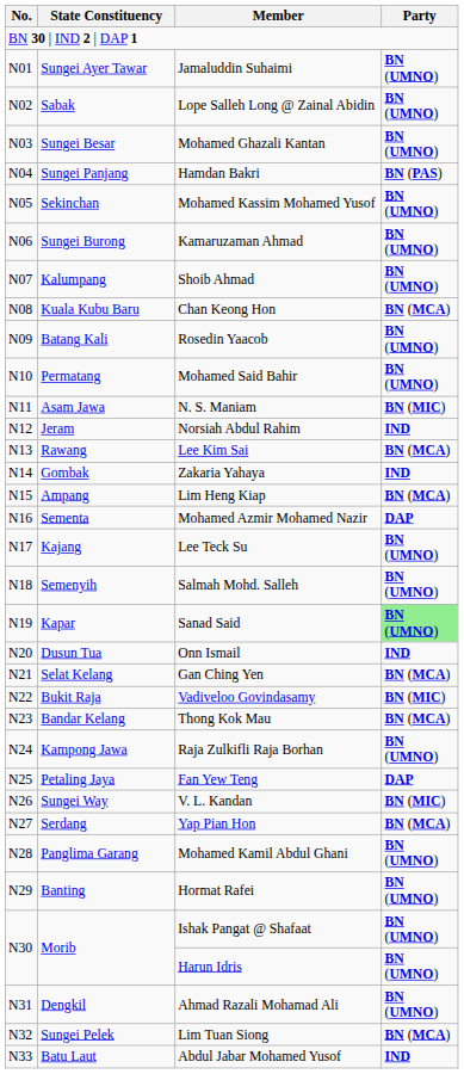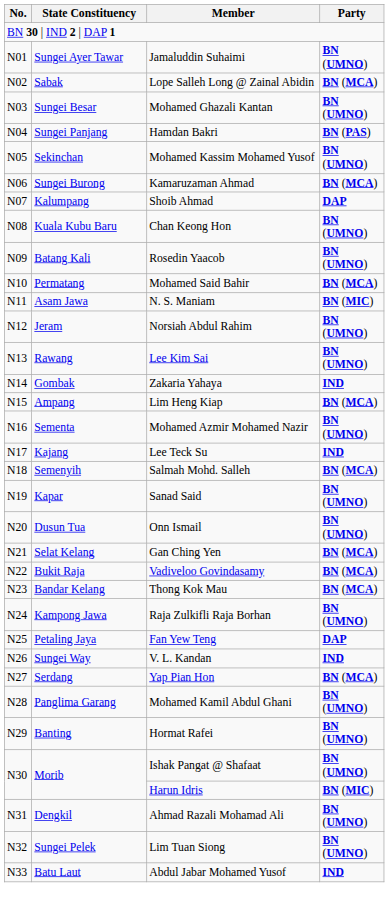 <table class="wikitable sortable">
 <tr>
 <th style="width:30px;">No.</th>
 <th style="width:150px;">State Constituency</th>
 <th style="width:230px;">Member</th>
 <th style="width:80px;">Party</th>
 </tr>
 <tr>
 <td colspan="4"><a href='#'>BN</a> <strong>30</strong> | <a href='#'>IND</a> <strong>2</strong> | <a href='#'>DAP</a> <strong>1</strong></td>
 </tr>
 <tr>
 <td>N01</td>
 <td><a href='#'>Sungei Ayer Tawar</a></td>
 <td>Jamaluddin Suhaimi</td>
 <td><strong><a href='#'>BN</a></strong> (<strong><a href='#'>UMNO</a></strong>)</td>
 </tr>
 <tr>
 <td>N02</td>
 <td><a href='#'>Sabak</a></td>
 <td>Lope Salleh Long @ Zainal Abidin</td>
-<td><strong><a href='#'>BN</a></strong> (<strong><a href='#'>UMNO</a></strong>)</td>
+<td><strong><a href='#'>BN</a></strong> (<strong><a href='#'>MCA</a></strong>)</td>
 </tr>
 <tr>
 <td>N03</td>
 <td><a href='#'>Sungei Besar</a></td>
 <td>Mohamed Ghazali Kantan</td>
 <td><strong><a href='#'>BN</a></strong> (<strong><a href='#'>UMNO</a></strong>)</td>
 </tr>
 <tr>
 <td>N04</td>
 <td><a href='#'>Sungei Panjang</a></td>
 <td>Hamdan Bakri</td>
 <td><strong><a href='#'>BN</a></strong> (<strong><a href='#'>PAS</a></strong>)</td>
 </tr>
 <tr>
 <td>N05</td>
 <td><a href='#'>Sekinchan</a></td>
 <td>Mohamed Kassim Mohamed Yusof</td>
 <td><strong><a href='#'>BN</a></strong> (<strong><a href='#'>UMNO</a></strong>)</td>
 </tr>
 <tr>
 <td>N06</td>
 <td><a href='#'>Sungei Burong</a></td>
 <td>Kamaruzaman Ahmad</td>
-<td><strong><a href='#'>BN</a></strong> (<strong><a href='#'>UMNO</a></strong>)</td>
+<td><strong><a href='#'>BN</a></strong> (<strong><a href='#'>MCA</a></strong>)</td>
 </tr>
 <tr>
 <td>N07</td>
 <td><a href='#'>Kalumpang</a></td>
 <td>Shoib Ahmad</td>
-<td><strong><a href='#'>BN</a></strong> (<strong><a href='#'>UMNO</a></strong>)</td>
+<td><strong><a href='#'>DAP</a></strong></td>
 </tr>
 <tr>
 <td>N08</td>
 <td><a href='#'>Kuala Kubu Baru</a></td>
 <td>Chan Keong Hon</td>
-<td><strong><a href='#'>BN</a></strong> (<strong><a href='#'>MCA</a></strong>)</td>
+<td><strong><a href='#'>BN</a></strong> (<strong><a href='#'>UMNO</a></strong>)</td>
 </tr>
 <tr>
 <td>N09</td>
 <td><a href='#'>Batang Kali</a></td>
 <td>Rosedin Yaacob</td>
 <td><strong><a href='#'>BN</a></strong> (<strong><a href='#'>UMNO</a></strong>)</td>
 </tr>
 <tr>
 <td>N10</td>
 <td><a href='#'>Permatang</a></td>
 <td>Mohamed Said Bahir</td>
-<td><strong><a href='#'>BN</a></strong> (<strong><a href='#'>UMNO</a></strong>)</td>
+<td><strong><a href='#'>BN</a></strong> (<strong><a href='#'>MCA</a></strong>)</td>
 </tr>
 <tr>
 <td>N11</td>
 <td><a href='#'>Asam Jawa</a></td>
 <td>N. S. Maniam</td>
 <td><strong><a href='#'>BN</a></strong> (<strong><a href='#'>MIC</a></strong>)</td>
 </tr>
 <tr>
 <td>N12</td>
 <td><a href='#'>Jeram</a></td>
 <td>Norsiah Abdul Rahim</td>
-<td><strong><a href='#'>IND</a></strong></td>
+<td><strong><a href='#'>BN</a></strong> (<strong><a href='#'>UMNO</a></strong>)</td>
 </tr>
 <tr>
 <td>N13</td>
 <td><a href='#'>Rawang</a></td>
 <td><a href='#'>Lee Kim Sai</a></td>
-<td><strong><a href='#'>BN</a></strong> (<strong><a href='#'>MCA</a></strong>)</td>
+<td><strong><a href='#'>BN</a></strong> (<strong><a href='#'>UMNO</a></strong>)</td>
 </tr>
 <tr>
 <td>N14</td>
 <td><a href='#'>Gombak</a></td>
 <td>Zakaria Yahaya</td>
 <td><strong><a href='#'>IND</a></strong></td>
 </tr>
 <tr>
 <td>N15</td>
 <td><a href='#'>Ampang</a></td>
 <td>Lim Heng Kiap</td>
 <td><strong><a href='#'>BN</a></strong> (<strong><a href='#'>MCA</a></strong>)</td>
 </tr>
 <tr>
 <td>N16</td>
 <td><a href='#'>Sementa</a></td>
 <td>Mohamed Azmir Mohamed Nazir</td>
-<td><strong><a href='#'>DAP</a></strong></td>
+<td><strong><a href='#'>BN</a></strong> (<strong><a href='#'>UMNO</a></strong>)</td>
 </tr>
 <tr>
 <td>N17</td>
 <td><a href='#'>Kajang</a></td>
 <td>Lee Teck Su</td>
-<td><strong><a href='#'>BN</a></strong> (<strong><a href='#'>UMNO</a></strong>)</td>
+<td><strong><a href='#'>IND</a></strong></td>
 </tr>
 <tr>
 <td>N18</td>
 <td><a href='#'>Semenyih</a></td>
 <td>Salmah Mohd. Salleh</td>
-<td><strong><a href='#'>BN</a></strong> (<strong><a href='#'>UMNO</a></strong>)</td>
+<td><strong><a href='#'>BN</a></strong> (<strong><a href='#'>MCA</a></strong>)</td>
 </tr>
 <tr>
 <td>N19</td>
 <td><a href='#'>Kapar</a></td>
 <td>Sanad Said</td>
-<td style="background: lightgreen;"><strong><a href='#'>BN</a></strong> (<strong><a href='#'>UMNO</a></strong>)</td>
+<td><strong><a href='#'>BN</a></strong> (<strong><a href='#'>UMNO</a></strong>)</td>
 </tr>
 <tr>
 <td>N20</td>
 <td><a href='#'>Dusun Tua</a></td>
 <td>Onn Ismail</td>
-<td><strong><a href='#'>IND</a></strong></td>
+<td><strong><a href='#'>BN</a></strong> (<strong><a href='#'>UMNO</a></strong>)</td>
 </tr>
 <tr>
 <td>N21</td>
 <td><a href='#'>Selat Kelang</a></td>
 <td>Gan Ching Yen</td>
 <td><strong><a href='#'>BN</a></strong> (<strong><a href='#'>MCA</a></strong>)</td>
 </tr>
 <tr>
 <td>N22</td>
 <td><a href='#'>Bukit Raja</a></td>
 <td><a href='#'>Vadiveloo Govindasamy</a></td>
-<td><strong><a href='#'>BN</a></strong> (<strong><a href='#'>MIC</a></strong>)</td>
+<td><strong><a href='#'>BN</a></strong> (<strong><a href='#'>MCA</a></strong>)</td>
 </tr>
 <tr>
 <td>N23</td>
 <td><a href='#'>Bandar Kelang</a></td>
 <td>Thong Kok Mau</td>
 <td><strong><a href='#'>BN</a></strong> (<strong><a href='#'>MCA</a></strong>)</td>
 </tr>
 <tr>
 <td>N24</td>
 <td><a href='#'>Kampong Jawa</a></td>
 <td>Raja Zulkifli Raja Borhan</td>
 <td><strong><a href='#'>BN</a></strong> (<strong><a href='#'>UMNO</a></strong>)</td>
 </tr>
 <tr>
 <td>N25</td>
 <td><a href='#'>Petaling Jaya</a></td>
 <td><a href='#'>Fan Yew Teng</a></td>
 <td><strong><a href='#'>DAP</a></strong></td>
 </tr>
 <tr>
 <td>N26</td>
 <td><a href='#'>Sungei Way</a></td>
 <td>V. L. Kandan</td>
-<td><strong><a href='#'>BN</a></strong> (<strong><a href='#'>MIC</a></strong>)</td>
+<td><strong><a href='#'>IND</a></strong></td>
 </tr>
 <tr>
 <td>N27</td>
 <td><a href='#'>Serdang</a></td>
 <td><a href='#'>Yap Pian Hon</a></td>
 <td><strong><a href='#'>BN</a></strong> (<strong><a href='#'>MCA</a></strong>)</td>
 </tr>
 <tr>
 <td>N28</td>
 <td><a href='#'>Panglima Garang</a></td>
 <td>Mohamed Kamil Abdul Ghani</td>
 <td><strong><a href='#'>BN</a></strong> (<strong><a href='#'>UMNO</a></strong>)</td>
 </tr>
 <tr>
 <td>N29</td>
 <td><a href='#'>Banting</a></td>
 <td>Hormat Rafei</td>
 <td><strong><a href='#'>BN</a></strong> (<strong><a href='#'>UMNO</a></strong>)</td>
 </tr>
 <tr>
 <td rowspan=2>N30</td>
 <td rowspan=2><a href='#'>Morib</a></td>
 <td>Ishak Pangat @ Shafaat </td>
 <td><strong><a href='#'>BN</a></strong> (<strong><a href='#'>UMNO</a></strong>)</td>
 </tr>
 <tr>
 <td><a href='#'>Harun Idris</a> </td>
-<td><strong><a href='#'>BN</a></strong> (<strong><a href='#'>UMNO</a></strong>)</td>
+<td><strong><a href='#'>BN</a></strong> (<strong><a href='#'>MIC</a></strong>)</td>
 </tr>
 <tr>
 <td>N31</td>
 <td><a href='#'>Dengkil</a></td>
 <td>Ahmad Razali Mohamad Ali</td>
 <td><strong><a href='#'>BN</a></strong> (<strong><a href='#'>UMNO</a></strong>)</td>
 </tr>
 <tr>
 <td>N32</td>
 <td><a href='#'>Sungei Pelek</a></td>
 <td>Lim Tuan Siong</td>
-<td><strong><a href='#'>BN</a></strong> (<strong><a href='#'>MCA</a></strong>)</td>
+<td><strong><a href='#'>BN</a></strong> (<strong><a href='#'>UMNO</a></strong>)</td>
 </tr>
 <tr>
 <td>N33</td>
 <td><a href='#'>Batu Laut</a></td>
 <td>Abdul Jabar Mohamed Yusof</td>
 <td><strong><a href='#'>IND</a></strong></td>
 </tr>
 </table>
